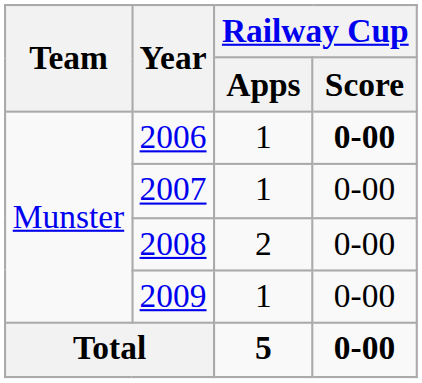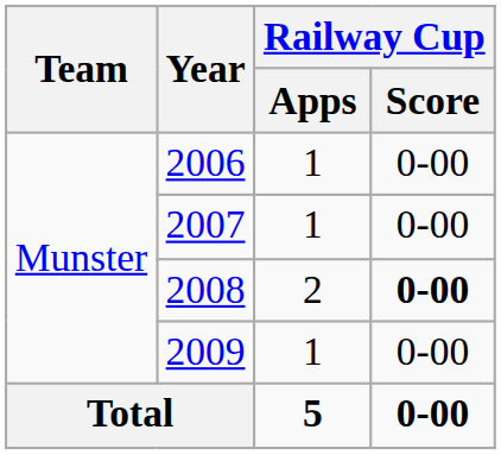 <table class="wikitable" style="text-align:center">
 <tr>
 <th rowspan="2">Team</th>
 <th rowspan="2">Year</th>
 <th colspan="2"><a href='#'>Railway Cup</a></th>
 </tr>
 <tr>
 <th>Apps</th>
 <th>Score</th>
 </tr>
 <tr>
 <td rowspan="4"><a href='#'>Munster</a></td>
 <td><a href='#'>2006</a></td>
 <td>1</td>
-<td><strong>0-00</strong></td>
+<td>0-00</td>
 </tr>
 <tr>
 <td><a href='#'>2007</a></td>
 <td>1</td>
 <td>0-00</td>
 </tr>
 <tr>
 <td><a href='#'>2008</a></td>
 <td>2</td>
-<td>0-00</td>
+<td><strong>0-00</strong></td>
 </tr>
 <tr>
 <td><a href='#'>2009</a></td>
 <td>1</td>
 <td>0-00</td>
 </tr>
 <tr>
 <th colspan="2">Total</th>
 <td><strong>5</strong></td>
 <td><strong>0-00</strong></td>
 </tr>
 </table>
